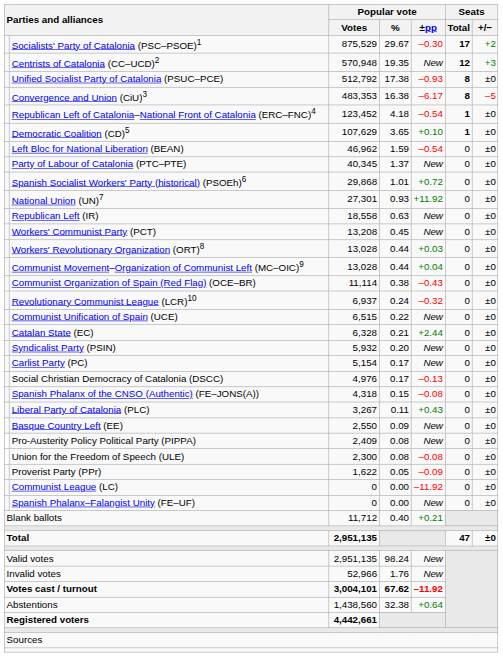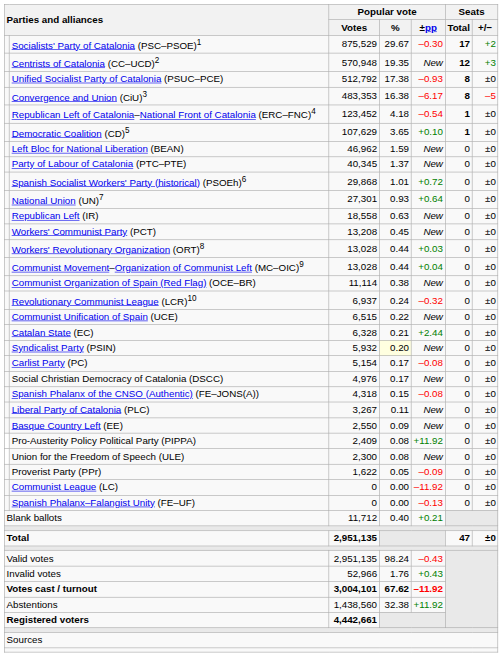 <table class="wikitable" style="text-align:right;">
 <tr>
 <th style="text-align:left;" rowspan="2" colspan="2" width="525">Parties and alliances</th>
 <th colspan="3">Popular vote</th>
 <th colspan="2">Seats</th>
 </tr>
 <tr>
 <th width="75">Votes</th>
 <th width="45">%</th>
 <th width="45">±<a href='#'>pp</a></th>
 <th width="35">Total</th>
 <th width="35">+/−</th>
 </tr>
 <tr>
 <td width="1" style="color:inherit;background:"></td>
 <td align="left"><a href='#'>Socialists' Party of Catalonia</a> (PSC–PSOE)<sup>1</sup></td>
 <td>875,529</td>
 <td>29.67</td>
 <td style="color:red;">–0.30</td>
 <td><strong>17</strong></td>
 <td style="color:green;">+2</td>
 </tr>
 <tr>
 <td style="color:inherit;background:"></td>
 <td align="left"><a href='#'>Centrists of Catalonia</a> (CC–UCD)<sup>2</sup></td>
 <td>570,948</td>
 <td>19.35</td>
 <td><em>New</em></td>
 <td><strong>12</strong></td>
 <td style="color:green;">+3</td>
 </tr>
 <tr>
 <td style="color:inherit;background:"></td>
 <td align="left"><a href='#'>Unified Socialist Party of Catalonia</a> (PSUC–PCE)</td>
 <td>512,792</td>
 <td>17.38</td>
 <td style="color:red;">–0.93</td>
 <td><strong>8</strong></td>
 <td>±0</td>
 </tr>
 <tr>
 <td style="color:inherit;background:"></td>
 <td align="left"><a href='#'>Convergence and Union</a> (CiU)<sup>3</sup></td>
 <td>483,353</td>
 <td>16.38</td>
 <td style="color:red;">–6.17</td>
 <td><strong>8</strong></td>
 <td style="color:red;">–5</td>
 </tr>
 <tr>
 <td style="color:inherit;background:"></td>
 <td align="left"><a href='#'>Republican Left of Catalonia</a>–<a href='#'>National Front of Catalonia</a> (ERC–FNC)<sup>4</sup></td>
 <td>123,452</td>
 <td>4.18</td>
 <td style="color:red;">–0.54</td>
 <td><strong>1</strong></td>
 <td>±0</td>
 </tr>
 <tr>
 <td style="color:inherit;background:"></td>
 <td align="left"><a href='#'>Democratic Coalition</a> (CD)<sup>5</sup></td>
 <td>107,629</td>
 <td>3.65</td>
 <td style="color:green;">+0.10</td>
 <td><strong>1</strong></td>
 <td>±0</td>
 </tr>
 <tr>
 <td style="color:inherit;background:"></td>
 <td align="left"><a href='#'>Left Bloc for National Liberation</a> (BEAN)</td>
 <td>46,962</td>
 <td>1.59</td>
-<td style="color:red;">–0.54</td>
+<td><em>New</em></td>
 <td>0</td>
 <td>±0</td>
 </tr>
 <tr>
 <td style="color:inherit;background:"></td>
 <td align="left"><a href='#'>Party of Labour of Catalonia</a> (PTC–PTE)</td>
 <td>40,345</td>
 <td>1.37</td>
 <td><em>New</em></td>
 <td>0</td>
 <td>±0</td>
 </tr>
 <tr>
 <td style="color:inherit;background:"></td>
 <td align="left"><a href='#'>Spanish Socialist Workers' Party (historical)</a> (PSOEh)<sup>6</sup></td>
 <td>29,868</td>
 <td>1.01</td>
 <td style="color:green;">+0.72</td>
 <td>0</td>
 <td>±0</td>
 </tr>
 <tr>
 <td style="color:inherit;background:"></td>
 <td align="left"><a href='#'>National Union</a> (UN)<sup>7</sup></td>
 <td>27,301</td>
 <td>0.93</td>
-<td style="color:green;">+11.92</td>
+<td style="color:green;">+0.64</td>
 <td>0</td>
 <td>±0</td>
 </tr>
 <tr>
 <td style="color:inherit;background:"></td>
 <td align="left"><a href='#'>Republican Left</a> (IR)</td>
 <td>18,558</td>
 <td>0.63</td>
 <td><em>New</em></td>
 <td>0</td>
 <td>±0</td>
 </tr>
 <tr>
 <td style="color:inherit;background:"></td>
 <td align="left"><a href='#'>Workers' Communist Party</a> (PCT)</td>
 <td>13,208</td>
 <td>0.45</td>
 <td><em>New</em></td>
 <td>0</td>
 <td>±0</td>
 </tr>
 <tr>
 <td style="color:inherit;background:"></td>
 <td align="left"><a href='#'>Workers' Revolutionary Organization</a> (ORT)<sup>8</sup></td>
 <td>13,028</td>
 <td>0.44</td>
 <td style="color:green;">+0.03</td>
 <td>0</td>
 <td>±0</td>
 </tr>
 <tr>
 <td style="color:inherit;background:"></td>
 <td align="left"><a href='#'>Communist Movement</a>–<a href='#'>Organization of Communist Left</a> (MC–OIC)<sup>9</sup></td>
 <td>13,028</td>
 <td>0.44</td>
 <td style="color:green;">+0.04</td>
 <td>0</td>
 <td>±0</td>
 </tr>
 <tr>
 <td style="color:inherit;background:"></td>
 <td align="left"><a href='#'>Communist Organization of Spain (Red Flag)</a> (OCE–BR)</td>
 <td>11,114</td>
 <td>0.38</td>
-<td style="color:red;">–0.43</td>
+<td><em>New</em></td>
 <td>0</td>
 <td>±0</td>
 </tr>
 <tr>
 <td style="color:inherit;background:"></td>
 <td align="left"><a href='#'>Revolutionary Communist League</a> (LCR)<sup>10</sup></td>
 <td>6,937</td>
 <td>0.24</td>
 <td style="color:red;">–0.32</td>
 <td>0</td>
 <td>±0</td>
 </tr>
 <tr>
 <td style="color:inherit;background:"></td>
 <td align="left"><a href='#'>Communist Unification of Spain</a> (UCE)</td>
 <td>6,515</td>
 <td>0.22</td>
 <td><em>New</em></td>
 <td>0</td>
 <td>±0</td>
 </tr>
 <tr>
 <td style="color:inherit;background:"></td>
 <td align="left"><a href='#'>Catalan State</a> (EC)</td>
 <td>6,328</td>
 <td>0.21</td>
 <td style="color:green;">+2.44</td>
 <td>0</td>
 <td>±0</td>
 </tr>
 <tr>
 <td style="color:inherit;background:"></td>
 <td align="left"><a href='#'>Syndicalist Party</a> (PSIN)</td>
 <td>5,932</td>
-<td>0.20</td>
+<td style="background: lightyellow;">0.20</td>
 <td><em>New</em></td>
 <td>0</td>
 <td>±0</td>
 </tr>
 <tr>
 <td style="color:inherit;background:"></td>
 <td align="left"><a href='#'>Carlist Party</a> (PC)</td>
 <td>5,154</td>
 <td>0.17</td>
-<td><em>New</em></td>
+<td style="color:red;">–0.08</td>
 <td>0</td>
 <td>±0</td>
 </tr>
 <tr>
 <td style="color:inherit;background:"></td>
 <td align="left">Social Christian Democracy of Catalonia (DSCC)</td>
 <td>4,976</td>
 <td>0.17</td>
-<td style="color:red;">–0.13</td>
+<td><em>New</em></td>
 <td>0</td>
 <td>±0</td>
 </tr>
 <tr>
 <td style="color:inherit;background:"></td>
 <td align="left"><a href='#'>Spanish Phalanx of the CNSO (Authentic)</a> (FE–JONS(A))</td>
 <td>4,318</td>
 <td>0.15</td>
 <td style="color:red;">–0.08</td>
 <td>0</td>
 <td>±0</td>
 </tr>
 <tr>
 <td style="color:inherit;background:"></td>
 <td align="left"><a href='#'>Liberal Party of Catalonia</a> (PLC)</td>
 <td>3,267</td>
 <td>0.11</td>
-<td style="color:green;">+0.43</td>
+<td><em>New</em></td>
 <td>0</td>
 <td>±0</td>
 </tr>
 <tr>
 <td style="color:inherit;background:"></td>
 <td align="left"><a href='#'>Basque Country Left</a> (EE)</td>
 <td>2,550</td>
 <td>0.09</td>
 <td><em>New</em></td>
 <td>0</td>
 <td>±0</td>
 </tr>
 <tr>
 <td bgcolor="white"></td>
 <td align="left">Pro-Austerity Policy Political Party (PIPPA)</td>
 <td>2,409</td>
 <td>0.08</td>
-<td><em>New</em></td>
+<td style="color:green;">+11.92</td>
 <td>0</td>
 <td>±0</td>
 </tr>
 <tr>
 <td bgcolor="white"></td>
 <td align="left">Union for the Freedom of Speech (ULE)</td>
 <td>2,300</td>
 <td>0.08</td>
-<td style="color:red;">–0.08</td>
+<td><em>New</em></td>
 <td>0</td>
 <td>±0</td>
 </tr>
 <tr>
 <td style="color:inherit;background:"></td>
 <td align="left">Proverist Party (PPr)</td>
 <td>1,622</td>
 <td>0.05</td>
 <td style="color:red;">–0.09</td>
 <td>0</td>
 <td>±0</td>
 </tr>
 <tr>
 <td style="color:inherit;background:"></td>
 <td align="left"><a href='#'>Communist League</a> (LC)</td>
 <td>0</td>
 <td>0.00</td>
 <td style="color:red;">–11.92</td>
 <td>0</td>
 <td>±0</td>
 </tr>
 <tr>
 <td style="color:inherit;background:"></td>
 <td align="left"><a href='#'>Spanish Phalanx–Falangist Unity</a> (FE–UF)</td>
 <td>0</td>
 <td>0.00</td>
-<td><em>New</em></td>
+<td style="color:red;">–0.13</td>
 <td>0</td>
 <td>±0</td>
 </tr>
 <tr>
 <td align="left" colspan="2">Blank ballots</td>
 <td>11,712</td>
 <td>0.40</td>
 <td style="color:green;">+0.21</td>
 <td bgcolor="#E9E9E9" colspan="2"></td>
 </tr>
 <tr>
 <td colspan="7" bgcolor="#E9E9E9"></td>
 </tr>
 <tr style="font-weight:bold;">
 <td align="left" colspan="2">Total</td>
 <td>2,951,135</td>
 <td bgcolor="#E9E9E9" colspan="2"></td>
 <td>47</td>
 <td>±0</td>
 </tr>
 <tr>
 <td colspan="7" bgcolor="#E9E9E9"></td>
 </tr>
 <tr>
 <td align="left" colspan="2">Valid votes</td>
 <td>2,951,135</td>
 <td>98.24</td>
-<td><em>New</em></td>
+<td style="color:red;">–0.43</td>
 <td bgcolor="#E9E9E9" colspan="2" rowspan="5"></td>
 </tr>
 <tr>
 <td align="left" colspan="2">Invalid votes</td>
 <td>52,966</td>
 <td>1.76</td>
-<td><em>New</em></td>
+<td style="color:green;">+0.43</td>
 </tr>
 <tr style="font-weight:bold;">
 <td align="left" colspan="2">Votes cast / turnout</td>
 <td>3,004,101</td>
 <td>67.62</td>
 <td style="color:red;">–11.92</td>
 </tr>
 <tr>
 <td align="left" colspan="2">Abstentions</td>
 <td>1,438,560</td>
 <td>32.38</td>
-<td style="color:green;">+0.64</td>
+<td style="color:green;">+11.92</td>
 </tr>
 <tr style="font-weight:bold;">
 <td align="left" colspan="2">Registered voters</td>
 <td>4,442,661</td>
 <td bgcolor="#E9E9E9" colspan="2"></td>
 </tr>
 <tr>
 <td colspan="7" bgcolor="#E9E9E9"></td>
 </tr>
 <tr>
 <td align="left" colspan="7">Sources</td>
 </tr>
 <tr>
 <td colspan="7" style="text-align:left; max-width:790px;"></td>
 </tr>
 </table>
